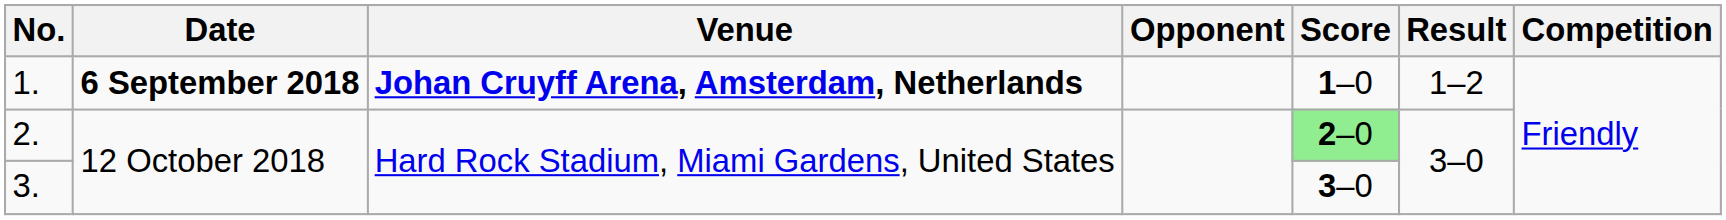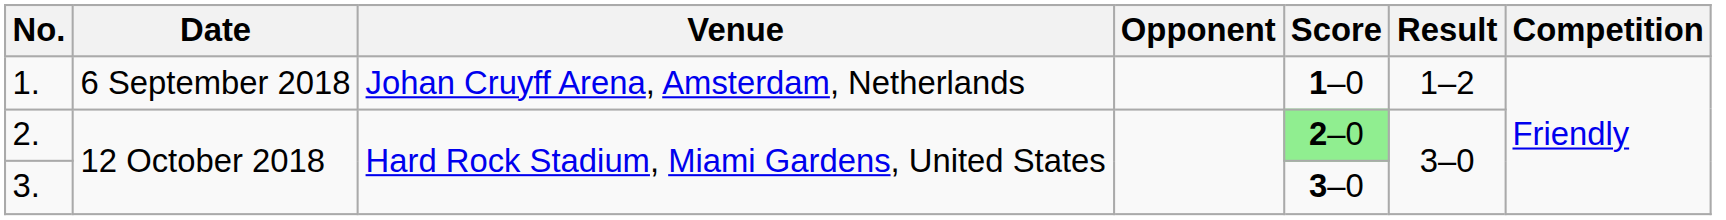 <table class="wikitable" style="font-size:100%;">
 <tr>
 <th>No.</th>
 <th>Date</th>
 <th>Venue</th>
 <th>Opponent</th>
 <th>Score</th>
 <th>Result</th>
 <th>Competition</th>
 </tr>
 <tr>
 <td>1.</td>
-<td><strong>6 September 2018</strong></td>
-<td><strong><a href='#'>Johan Cruyff Arena</a>, <a href='#'>Amsterdam</a>, Netherlands</strong></td>
+<td>6 September 2018</td>
+<td><a href='#'>Johan Cruyff Arena</a>, <a href='#'>Amsterdam</a>, Netherlands</td>
 <td></td>
 <td align=center><strong>1</strong>–0</td>
 <td align=center>1–2</td>
 <td rowspan="3"><a href='#'>Friendly</a></td>
 </tr>
 <tr>
 <td>2.</td>
 <td rowspan="2">12 October 2018</td>
 <td rowspan="2"><a href='#'>Hard Rock Stadium</a>, <a href='#'>Miami Gardens</a>, United States</td>
 <td rowspan="2"></td>
 <td align=center style="background: lightgreen;"><strong>2</strong>–0</td>
 <td rowspan="2" align=center>3–0</td>
 </tr>
 <tr>
 <td>3.</td>
 <td align=center><strong>3</strong>–0</td>
 </tr>
 </table>
